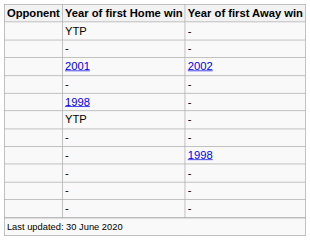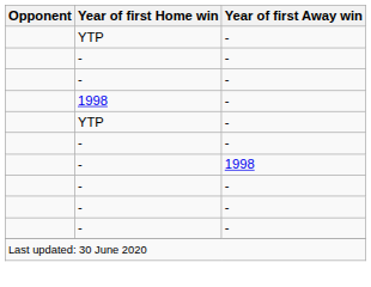 <table class="wikitable plainrowheaders sortable" style=align:center;>
 <tr>
 <th>Opponent</th>
 <th>Year of first Home win</th>
 <th>Year of first Away win</th>
 </tr>
 <tr>
 <td></td>
 <td>YTP</td>
 <td>-</td>
 </tr>
 <tr>
 <td></td>
 <td>-</td>
 <td>-</td>
-</tr>
-<tr>
-<td></td>
-<td><a href='#'>2001</a></td>
-<td><a href='#'>2002</a></td>
 </tr>
 <tr>
 <td></td>
 <td>-</td>
 <td>-</td>
 </tr>
 <tr>
 <td></td>
 <td><a href='#'>1998</a></td>
 <td>-</td>
 </tr>
 <tr>
 <td></td>
 <td>YTP</td>
 <td>-</td>
 </tr>
 <tr>
 <td></td>
 <td>-</td>
 <td>-</td>
 </tr>
 <tr>
 <td></td>
 <td>-</td>
 <td><a href='#'>1998</a></td>
 </tr>
 <tr>
 <td></td>
 <td>-</td>
 <td>-</td>
 </tr>
 <tr>
 <td></td>
 <td>-</td>
 <td>-</td>
 </tr>
 <tr>
 <td></td>
 <td>-</td>
 <td>-</td>
 </tr>
 <tr>
 </tr>
 <tr class=sortbottom>
 <td colspan=3><small>Last updated: 30 June 2020</small></td>
 </tr>
 </table>
